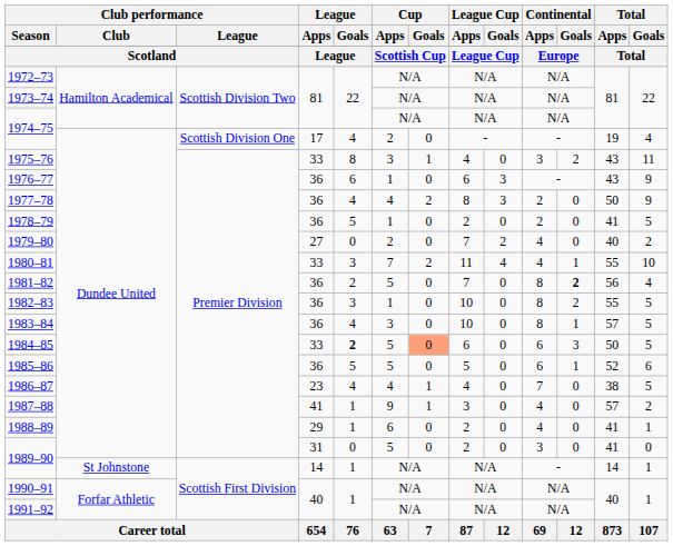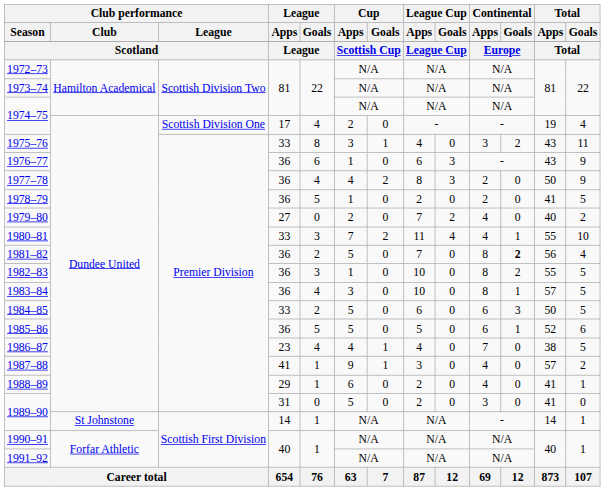 <table class="wikitable" style="text-align:center">
 <tr>
 <th colspan=3>Club performance</th>
 <th colspan=2>League</th>
 <th colspan=2>Cup</th>
 <th colspan=2>League Cup</th>
 <th colspan=2>Continental</th>
 <th colspan=2>Total</th>
 </tr>
 <tr>
 <th>Season</th>
 <th>Club</th>
 <th>League</th>
 <th>Apps</th>
 <th>Goals</th>
 <th>Apps</th>
 <th>Goals</th>
 <th>Apps</th>
 <th>Goals</th>
 <th>Apps</th>
 <th>Goals</th>
 <th>Apps</th>
 <th>Goals</th>
 </tr>
 <tr>
 </tr>
 <tr>
 <th colspan=3>Scotland</th>
 <th colspan=2>League</th>
 <th colspan=2><a href='#'>Scottish Cup</a></th>
 <th colspan=2><a href='#'>League Cup</a></th>
 <th colspan=2><a href='#'>Europe</a></th>
 <th colspan=2>Total</th>
 </tr>
 <tr>
 <td><a href='#'>1972–73</a></td>
 <td rowspan="3"><a href='#'>Hamilton Academical</a></td>
 <td rowspan="3"><a href='#'>Scottish Division Two</a></td>
 <td rowspan="3">81</td>
 <td rowspan="3">22</td>
 <td colspan="2">N/A</td>
 <td colspan="2">N/A</td>
 <td colspan="2">N/A</td>
 <td rowspan="3">81</td>
 <td rowspan="3">22</td>
 </tr>
 <tr>
 <td><a href='#'>1973–74</a></td>
 <td colspan="2">N/A</td>
 <td colspan="2">N/A</td>
 <td colspan="2">N/A</td>
 </tr>
 <tr>
 <td rowspan="2"><a href='#'>1974–75</a></td>
 <td colspan="2">N/A</td>
 <td colspan="2">N/A</td>
 <td colspan="2">N/A</td>
 </tr>
 <tr>
 <td rowspan="16"><a href='#'>Dundee United</a></td>
 <td><a href='#'>Scottish Division One</a></td>
 <td>17</td>
 <td>4</td>
 <td>2</td>
 <td>0</td>
 <td colspan="2">-</td>
 <td colspan="2">-</td>
 <td>19</td>
 <td>4</td>
 </tr>
 <tr>
 <td><a href='#'>1975–76</a></td>
 <td rowspan="15"><a href='#'>Premier Division</a></td>
 <td>33</td>
 <td>8</td>
 <td>3</td>
 <td>1</td>
 <td>4</td>
 <td>0</td>
 <td>3</td>
 <td>2</td>
 <td>43</td>
 <td>11</td>
 </tr>
 <tr>
 <td><a href='#'>1976–77</a></td>
 <td>36</td>
 <td>6</td>
 <td>1</td>
 <td>0</td>
 <td>6</td>
 <td>3</td>
 <td colspan="2">-</td>
 <td>43</td>
 <td>9</td>
 </tr>
 <tr>
 <td><a href='#'>1977–78</a></td>
 <td>36</td>
 <td>4</td>
 <td>4</td>
 <td>2</td>
 <td>8</td>
 <td>3</td>
 <td>2</td>
 <td>0</td>
 <td>50</td>
 <td>9</td>
 </tr>
 <tr>
 <td><a href='#'>1978–79</a></td>
 <td>36</td>
 <td>5</td>
 <td>1</td>
 <td>0</td>
 <td>2</td>
 <td>0</td>
 <td>2</td>
 <td>0</td>
 <td>41</td>
 <td>5</td>
 </tr>
 <tr>
 <td><a href='#'>1979–80</a></td>
 <td>27</td>
 <td>0</td>
 <td>2</td>
 <td>0</td>
 <td>7</td>
 <td>2</td>
 <td>4</td>
 <td>0</td>
 <td>40</td>
 <td>2</td>
 </tr>
 <tr>
 <td><a href='#'>1980–81</a></td>
 <td>33</td>
 <td>3</td>
 <td>7</td>
 <td>2</td>
 <td>11</td>
 <td>4</td>
 <td>4</td>
 <td>1</td>
 <td>55</td>
 <td>10</td>
 </tr>
 <tr>
 <td><a href='#'>1981–82</a></td>
 <td>36</td>
 <td>2</td>
 <td>5</td>
 <td>0</td>
 <td>7</td>
 <td>0</td>
 <td>8</td>
 <td><strong>2</strong></td>
 <td>56</td>
 <td>4</td>
 </tr>
 <tr>
 <td><a href='#'>1982–83</a></td>
 <td>36</td>
 <td>3</td>
 <td>1</td>
 <td>0</td>
 <td>10</td>
 <td>0</td>
 <td>8</td>
 <td>2</td>
 <td>55</td>
 <td>5</td>
 </tr>
 <tr>
 <td><a href='#'>1983–84</a></td>
 <td>36</td>
 <td>4</td>
 <td>3</td>
 <td>0</td>
 <td>10</td>
 <td>0</td>
 <td>8</td>
 <td>1</td>
 <td>57</td>
 <td>5</td>
 </tr>
 <tr>
 <td><a href='#'>1984–85</a></td>
 <td>33</td>
-<td><strong>2</strong></td>
+<td>2</td>
 <td>5</td>
-<td style="background: lightsalmon;">0</td>
+<td>0</td>
 <td>6</td>
 <td>0</td>
 <td>6</td>
 <td>3</td>
 <td>50</td>
 <td>5</td>
 </tr>
 <tr>
 <td><a href='#'>1985–86</a></td>
 <td>36</td>
 <td>5</td>
 <td>5</td>
 <td>0</td>
 <td>5</td>
 <td>0</td>
 <td>6</td>
 <td>1</td>
 <td>52</td>
 <td>6</td>
 </tr>
 <tr>
 <td><a href='#'>1986–87</a></td>
 <td>23</td>
 <td>4</td>
 <td>4</td>
 <td>1</td>
 <td>4</td>
 <td>0</td>
 <td>7</td>
 <td>0</td>
 <td>38</td>
 <td>5</td>
 </tr>
 <tr>
 <td><a href='#'>1987–88</a></td>
 <td>41</td>
 <td>1</td>
 <td>9</td>
 <td>1</td>
 <td>3</td>
 <td>0</td>
 <td>4</td>
 <td>0</td>
 <td>57</td>
 <td>2</td>
 </tr>
 <tr>
 <td><a href='#'>1988–89</a></td>
 <td>29</td>
 <td>1</td>
 <td>6</td>
 <td>0</td>
 <td>2</td>
 <td>0</td>
 <td>4</td>
 <td>0</td>
 <td>41</td>
 <td>1</td>
 </tr>
 <tr>
 <td rowspan="2"><a href='#'>1989–90</a></td>
 <td>31</td>
 <td>0</td>
 <td>5</td>
 <td>0</td>
 <td>2</td>
 <td>0</td>
 <td>3</td>
 <td>0</td>
 <td>41</td>
 <td>0</td>
 </tr>
 <tr>
 <td><a href='#'>St Johnstone</a></td>
 <td rowspan="3"><a href='#'>Scottish First Division</a></td>
 <td>14</td>
 <td>1</td>
 <td colspan="2">N/A</td>
 <td colspan="2">N/A</td>
 <td colspan="2">-</td>
 <td>14</td>
 <td>1</td>
 </tr>
 <tr>
 <td><a href='#'>1990–91</a></td>
 <td rowspan="2"><a href='#'>Forfar Athletic</a></td>
 <td rowspan="2">40</td>
 <td rowspan="2">1</td>
 <td colspan="2">N/A</td>
 <td colspan="2">N/A</td>
 <td colspan="2">N/A</td>
 <td rowspan="2">40</td>
 <td rowspan="2">1</td>
 </tr>
 <tr>
 <td><a href='#'>1991–92</a></td>
 <td colspan="2">N/A</td>
 <td colspan="2">N/A</td>
 <td colspan="2">N/A</td>
 </tr>
 <tr>
 <th colspan=3>Career total</th>
 <th>654</th>
 <th>76</th>
 <th>63</th>
 <th>7</th>
 <th>87</th>
 <th>12</th>
 <th>69</th>
 <th>12</th>
 <th>873</th>
 <th>107</th>
 </tr>
 </table>
